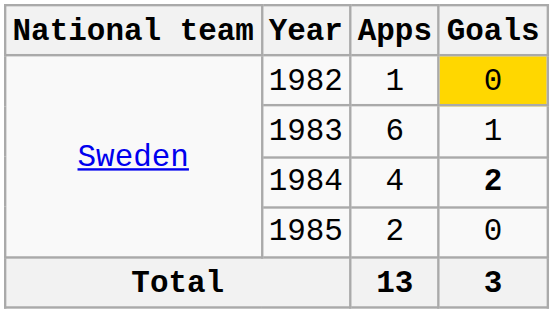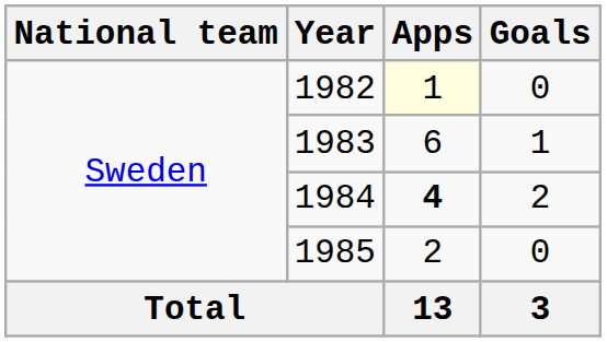 <table class="wikitable" style="text-align:center">
 <tr>
 <th>National team</th>
 <th>Year</th>
 <th>Apps</th>
 <th>Goals</th>
 </tr>
 <tr>
 <td rowspan="4"><a href='#'>Sweden</a></td>
 <td>1982</td>
-<td>1</td>
-<td style="background: gold;">0</td>
+<td style="background: lightyellow;">1</td>
+<td>0</td>
 </tr>
 <tr>
 <td>1983</td>
 <td>6</td>
 <td>1</td>
 </tr>
 <tr>
 <td>1984</td>
-<td>4</td>
-<td><strong>2</strong></td>
+<td><strong>4</strong></td>
+<td>2</td>
 </tr>
 <tr>
 <td>1985</td>
 <td>2</td>
 <td>0</td>
 </tr>
 <tr>
 <th colspan="2">Total</th>
 <th>13</th>
 <th>3</th>
 </tr>
 </table>
